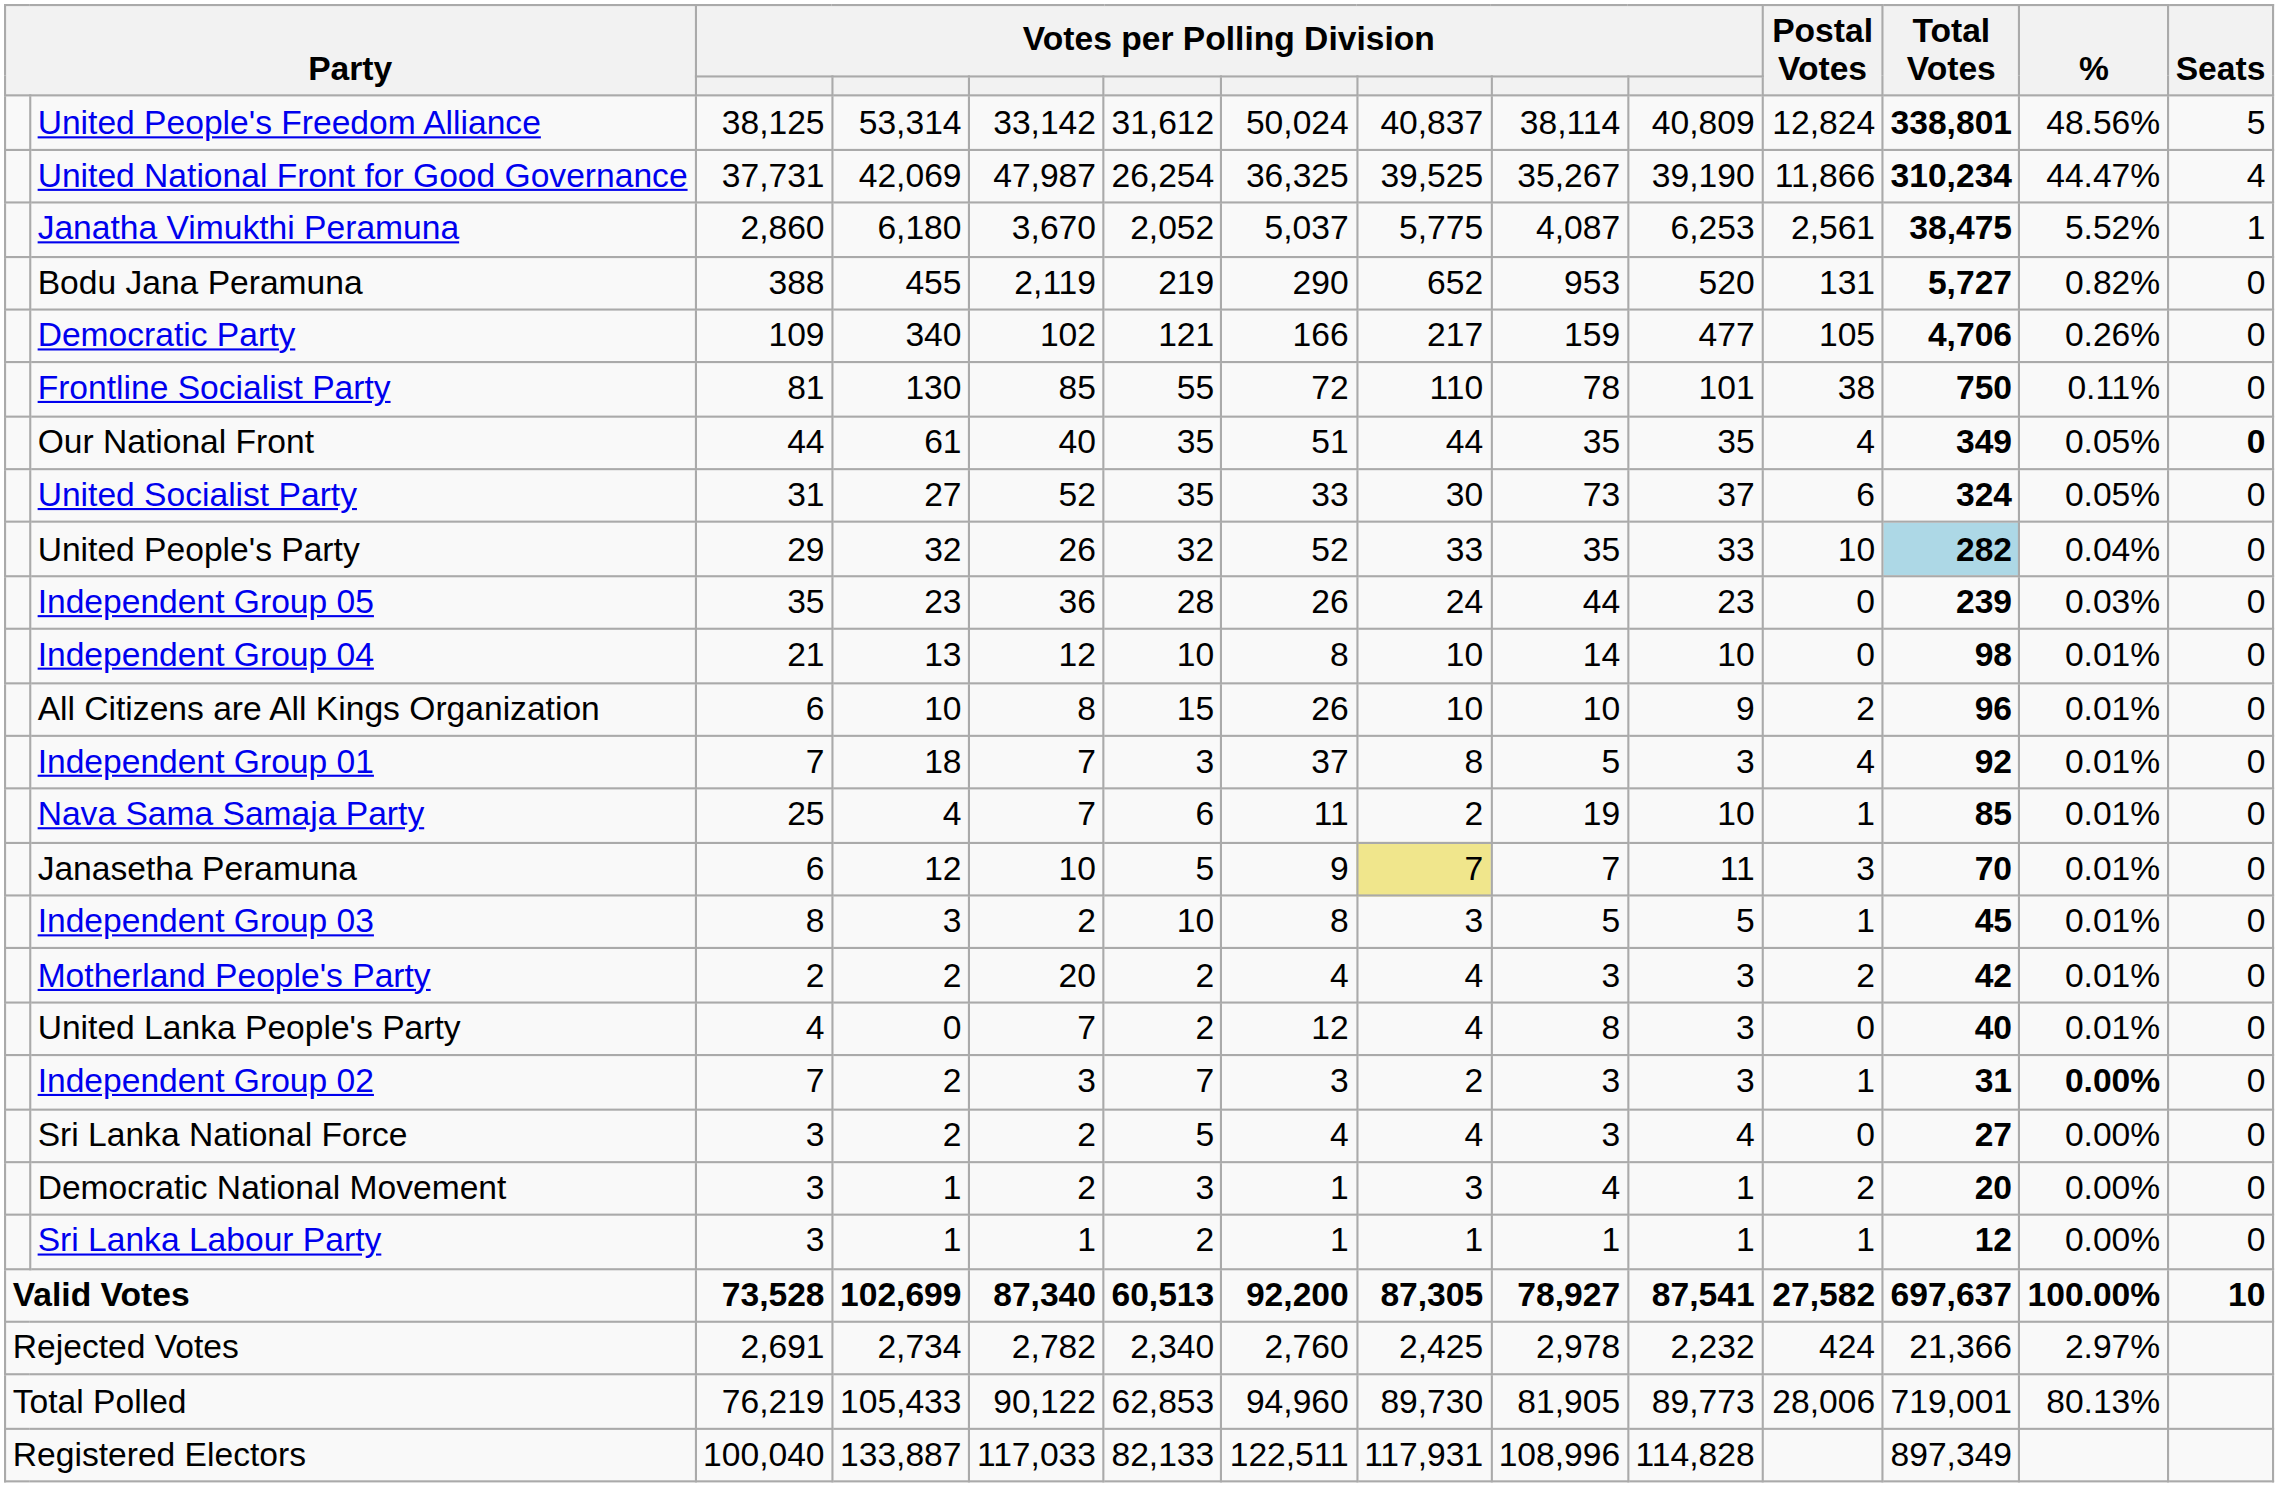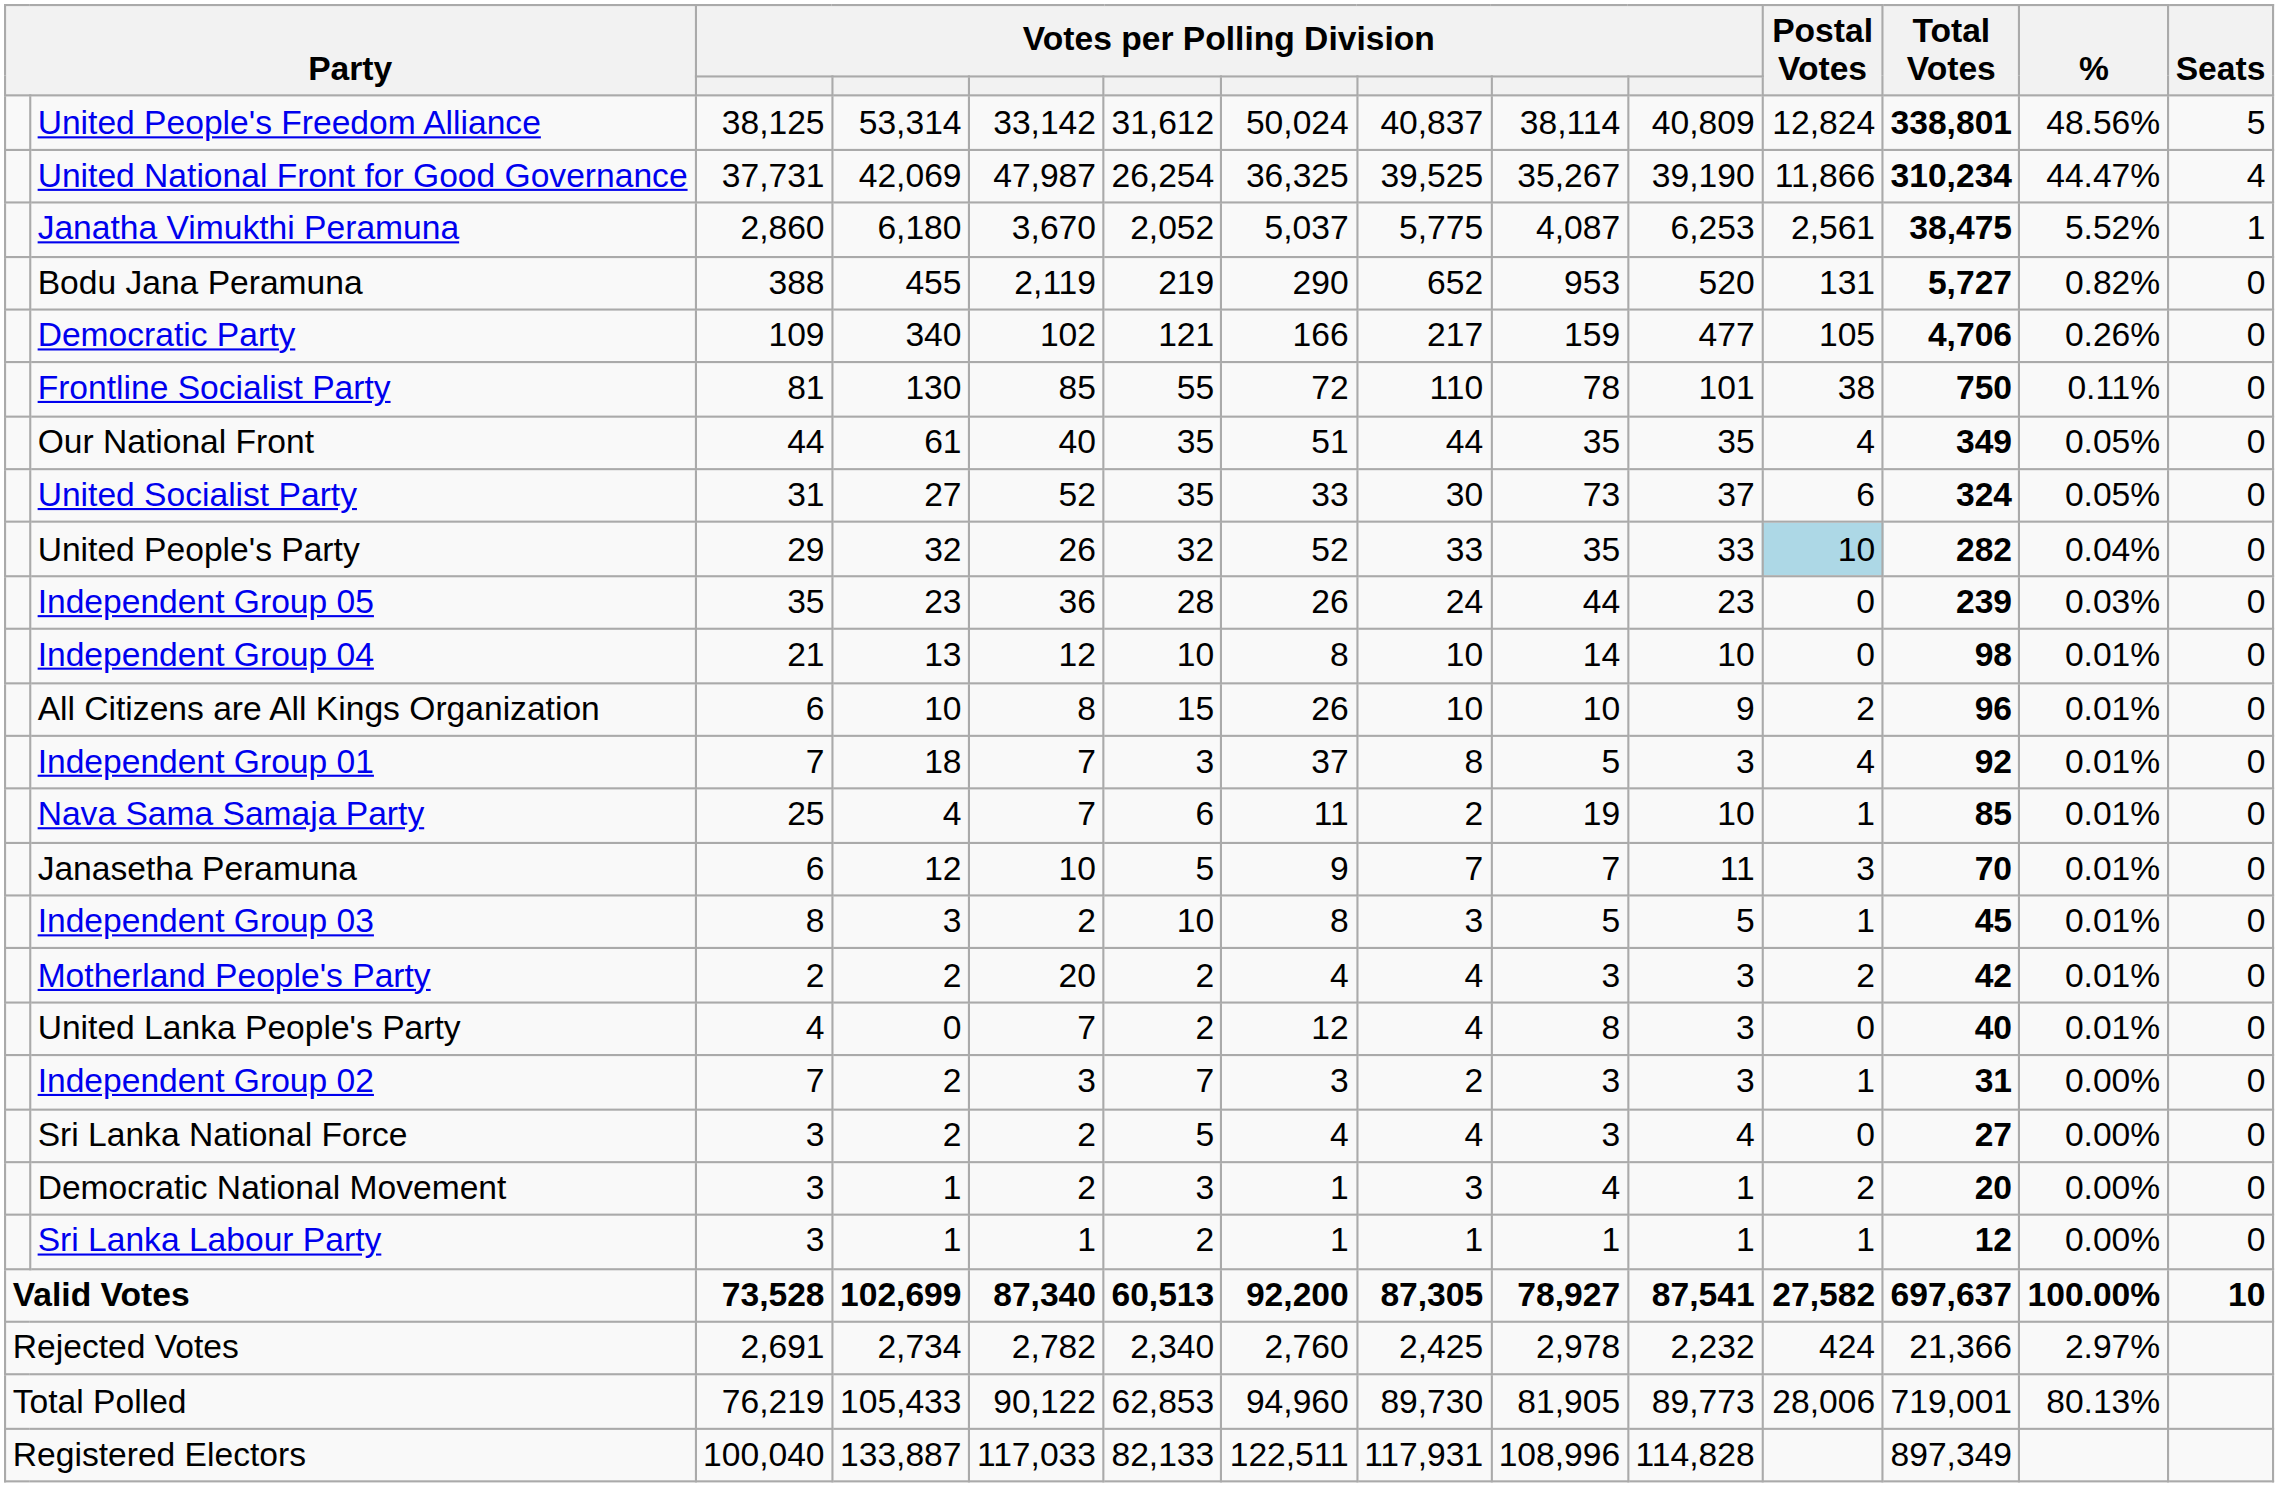 <table class="wikitable" border="1" style="text-align:right;">
 <tr>
 <th align=left valign=bottom rowspan=2 colspan=2>Party</th>
 <th colspan=8>Votes per Polling Division</th>
 <th align=center valign=bottom rowspan=2 width="50">Postal<br>Votes</th>
 <th align=center valign=bottom rowspan=2 width="50">Total Votes</th>
 <th align=center valign=bottom rowspan=2 width="50">%</th>
 <th align=center valign=bottom rowspan=2 width="40">Seats</th>
 </tr>
 <tr>
 <th></th>
 <th></th>
 <th></th>
 <th></th>
 <th></th>
 <th></th>
 <th></th>
 <th></th>
 </tr>
 <tr>
 <td bgcolor=> </td>
 <td align=left><a href='#'>United People's Freedom Alliance</a></td>
 <td>38,125</td>
 <td>53,314</td>
 <td>33,142</td>
 <td>31,612</td>
 <td>50,024</td>
 <td>40,837</td>
 <td>38,114</td>
 <td>40,809</td>
 <td>12,824</td>
 <td><strong>338,801</strong></td>
 <td>48.56%</td>
 <td>5</td>
 </tr>
 <tr>
 <td bgcolor=> </td>
 <td align=left><a href='#'>United National Front for Good Governance</a></td>
 <td>37,731</td>
 <td>42,069</td>
 <td>47,987</td>
 <td>26,254</td>
 <td>36,325</td>
 <td>39,525</td>
 <td>35,267</td>
 <td>39,190</td>
 <td>11,866</td>
 <td><strong>310,234</strong></td>
 <td>44.47%</td>
 <td>4</td>
 </tr>
 <tr>
 <td bgcolor=> </td>
 <td align=left><a href='#'>Janatha Vimukthi Peramuna</a></td>
 <td>2,860</td>
 <td>6,180</td>
 <td>3,670</td>
 <td>2,052</td>
 <td>5,037</td>
 <td>5,775</td>
 <td>4,087</td>
 <td>6,253</td>
 <td>2,561</td>
 <td><strong>38,475</strong></td>
 <td>5.52%</td>
 <td>1</td>
 </tr>
 <tr>
 <td bgcolor=> </td>
 <td align=left>Bodu Jana Peramuna</td>
 <td>388</td>
 <td>455</td>
 <td>2,119</td>
 <td>219</td>
 <td>290</td>
 <td>652</td>
 <td>953</td>
 <td>520</td>
 <td>131</td>
 <td><strong>5,727</strong></td>
 <td>0.82%</td>
 <td>0</td>
 </tr>
 <tr>
 <td bgcolor=> </td>
 <td align=left><a href='#'>Democratic Party</a></td>
 <td>109</td>
 <td>340</td>
 <td>102</td>
 <td>121</td>
 <td>166</td>
 <td>217</td>
 <td>159</td>
 <td>477</td>
 <td>105</td>
 <td><strong>4,706</strong></td>
 <td>0.26%</td>
 <td>0</td>
 </tr>
 <tr>
 <td bgcolor=> </td>
 <td align=left><a href='#'>Frontline Socialist Party</a></td>
 <td>81</td>
 <td>130</td>
 <td>85</td>
 <td>55</td>
 <td>72</td>
 <td>110</td>
 <td>78</td>
 <td>101</td>
 <td>38</td>
 <td><strong>750</strong></td>
 <td>0.11%</td>
 <td>0</td>
 </tr>
 <tr>
 <td bgcolor=> </td>
 <td align=left>Our National Front</td>
 <td>44</td>
 <td>61</td>
 <td>40</td>
 <td>35</td>
 <td>51</td>
 <td>44</td>
 <td>35</td>
 <td>35</td>
 <td>4</td>
 <td><strong>349</strong></td>
 <td>0.05%</td>
-<td><strong>0</strong></td>
+<td>0</td>
 </tr>
 <tr>
 <td bgcolor=> </td>
 <td align=left><a href='#'>United Socialist Party</a></td>
 <td>31</td>
 <td>27</td>
 <td>52</td>
 <td>35</td>
 <td>33</td>
 <td>30</td>
 <td>73</td>
 <td>37</td>
 <td>6</td>
 <td><strong>324</strong></td>
 <td>0.05%</td>
 <td>0</td>
 </tr>
 <tr>
 <td bgcolor=> </td>
 <td align=left>United People's Party</td>
 <td>29</td>
 <td>32</td>
 <td>26</td>
 <td>32</td>
 <td>52</td>
 <td>33</td>
 <td>35</td>
 <td>33</td>
-<td>10</td>
-<td style="background: lightblue;"><strong>282</strong></td>
+<td style="background: lightblue;">10</td>
+<td><strong>282</strong></td>
 <td>0.04%</td>
 <td>0</td>
 </tr>
 <tr>
 <td bgcolor=> </td>
 <td align=left><a href='#'>Independent Group 05</a></td>
 <td>35</td>
 <td>23</td>
 <td>36</td>
 <td>28</td>
 <td>26</td>
 <td>24</td>
 <td>44</td>
 <td>23</td>
 <td>0</td>
 <td><strong>239</strong></td>
 <td>0.03%</td>
 <td>0</td>
 </tr>
 <tr>
 <td bgcolor=> </td>
 <td align=left><a href='#'>Independent Group 04</a></td>
 <td>21</td>
 <td>13</td>
 <td>12</td>
 <td>10</td>
 <td>8</td>
 <td>10</td>
 <td>14</td>
 <td>10</td>
 <td>0</td>
 <td><strong>98</strong></td>
 <td>0.01%</td>
 <td>0</td>
 </tr>
 <tr>
 <td bgcolor=> </td>
 <td align=left>All Citizens are All Kings Organization</td>
 <td>6</td>
 <td>10</td>
 <td>8</td>
 <td>15</td>
 <td>26</td>
 <td>10</td>
 <td>10</td>
 <td>9</td>
 <td>2</td>
 <td><strong>96</strong></td>
 <td>0.01%</td>
 <td>0</td>
 </tr>
 <tr>
 <td bgcolor=> </td>
 <td align=left><a href='#'>Independent Group 01</a></td>
 <td>7</td>
 <td>18</td>
 <td>7</td>
 <td>3</td>
 <td>37</td>
 <td>8</td>
 <td>5</td>
 <td>3</td>
 <td>4</td>
 <td><strong>92</strong></td>
 <td>0.01%</td>
 <td>0</td>
 </tr>
 <tr>
 <td bgcolor=> </td>
 <td align=left><a href='#'>Nava Sama Samaja Party</a></td>
 <td>25</td>
 <td>4</td>
 <td>7</td>
 <td>6</td>
 <td>11</td>
 <td>2</td>
 <td>19</td>
 <td>10</td>
 <td>1</td>
 <td><strong>85</strong></td>
 <td>0.01%</td>
 <td>0</td>
 </tr>
 <tr>
 <td bgcolor=> </td>
 <td align=left>Janasetha Peramuna</td>
 <td>6</td>
 <td>12</td>
 <td>10</td>
 <td>5</td>
 <td>9</td>
-<td style="background: khaki;">7</td>
+<td>7</td>
 <td>7</td>
 <td>11</td>
 <td>3</td>
 <td><strong>70</strong></td>
 <td>0.01%</td>
 <td>0</td>
 </tr>
 <tr>
 <td bgcolor=> </td>
 <td align=left><a href='#'>Independent Group 03</a></td>
 <td>8</td>
 <td>3</td>
 <td>2</td>
 <td>10</td>
 <td>8</td>
 <td>3</td>
 <td>5</td>
 <td>5</td>
 <td>1</td>
 <td><strong>45</strong></td>
 <td>0.01%</td>
 <td>0</td>
 </tr>
 <tr>
 <td bgcolor=> </td>
 <td align=left><a href='#'>Motherland People's Party</a></td>
 <td>2</td>
 <td>2</td>
 <td>20</td>
 <td>2</td>
 <td>4</td>
 <td>4</td>
 <td>3</td>
 <td>3</td>
 <td>2</td>
 <td><strong>42</strong></td>
 <td>0.01%</td>
 <td>0</td>
 </tr>
 <tr>
 <td bgcolor=> </td>
 <td align=left>United Lanka People's Party</td>
 <td>4</td>
 <td>0</td>
 <td>7</td>
 <td>2</td>
 <td>12</td>
 <td>4</td>
 <td>8</td>
 <td>3</td>
 <td>0</td>
 <td><strong>40</strong></td>
 <td>0.01%</td>
 <td>0</td>
 </tr>
 <tr>
 <td bgcolor=> </td>
 <td align=left><a href='#'>Independent Group 02</a></td>
 <td>7</td>
 <td>2</td>
 <td>3</td>
 <td>7</td>
 <td>3</td>
 <td>2</td>
 <td>3</td>
 <td>3</td>
 <td>1</td>
 <td><strong>31</strong></td>
-<td><strong>0.00%</strong></td>
+<td>0.00%</td>
 <td>0</td>
 </tr>
 <tr>
 <td bgcolor=> </td>
 <td align=left>Sri Lanka National Force</td>
 <td>3</td>
 <td>2</td>
 <td>2</td>
 <td>5</td>
 <td>4</td>
 <td>4</td>
 <td>3</td>
 <td>4</td>
 <td>0</td>
 <td><strong>27</strong></td>
 <td>0.00%</td>
 <td>0</td>
 </tr>
 <tr>
 <td bgcolor=> </td>
 <td align=left>Democratic National Movement</td>
 <td>3</td>
 <td>1</td>
 <td>2</td>
 <td>3</td>
 <td>1</td>
 <td>3</td>
 <td>4</td>
 <td>1</td>
 <td>2</td>
 <td><strong>20</strong></td>
 <td>0.00%</td>
 <td>0</td>
 </tr>
 <tr>
 <td bgcolor=> </td>
 <td align=left><a href='#'>Sri Lanka Labour Party</a></td>
 <td>3</td>
 <td>1</td>
 <td>1</td>
 <td>2</td>
 <td>1</td>
 <td>1</td>
 <td>1</td>
 <td>1</td>
 <td>1</td>
 <td><strong>12</strong></td>
 <td>0.00%</td>
 <td>0</td>
 </tr>
 <tr>
 <td align=left colspan=2><strong>Valid Votes</strong></td>
 <td><strong>73,528</strong></td>
 <td><strong>102,699</strong></td>
 <td><strong>87,340</strong></td>
 <td><strong>60,513</strong></td>
 <td><strong>92,200</strong></td>
 <td><strong>87,305</strong></td>
 <td><strong>78,927</strong></td>
 <td><strong>87,541</strong></td>
 <td><strong>27,582</strong></td>
 <td><strong>697,637</strong></td>
 <td><strong>100.00%</strong></td>
 <td><strong>10</strong></td>
 </tr>
 <tr>
 <td align=left colspan=2>Rejected Votes</td>
 <td>2,691</td>
 <td>2,734</td>
 <td>2,782</td>
 <td>2,340</td>
 <td>2,760</td>
 <td>2,425</td>
 <td>2,978</td>
 <td>2,232</td>
 <td>424</td>
 <td>21,366</td>
 <td>2.97%</td>
 <td></td>
 </tr>
 <tr>
 <td align=left colspan=2>Total Polled</td>
 <td>76,219</td>
 <td>105,433</td>
 <td>90,122</td>
 <td>62,853</td>
 <td>94,960</td>
 <td>89,730</td>
 <td>81,905</td>
 <td>89,773</td>
 <td>28,006</td>
 <td>719,001</td>
 <td>80.13%</td>
 <td></td>
 </tr>
 <tr>
 <td align=left colspan=2>Registered Electors</td>
 <td>100,040</td>
 <td>133,887</td>
 <td>117,033</td>
 <td>82,133</td>
 <td>122,511</td>
 <td>117,931</td>
 <td>108,996</td>
 <td>114,828</td>
 <td></td>
 <td>897,349</td>
 <td></td>
 <td></td>
 </tr>
 </table>
